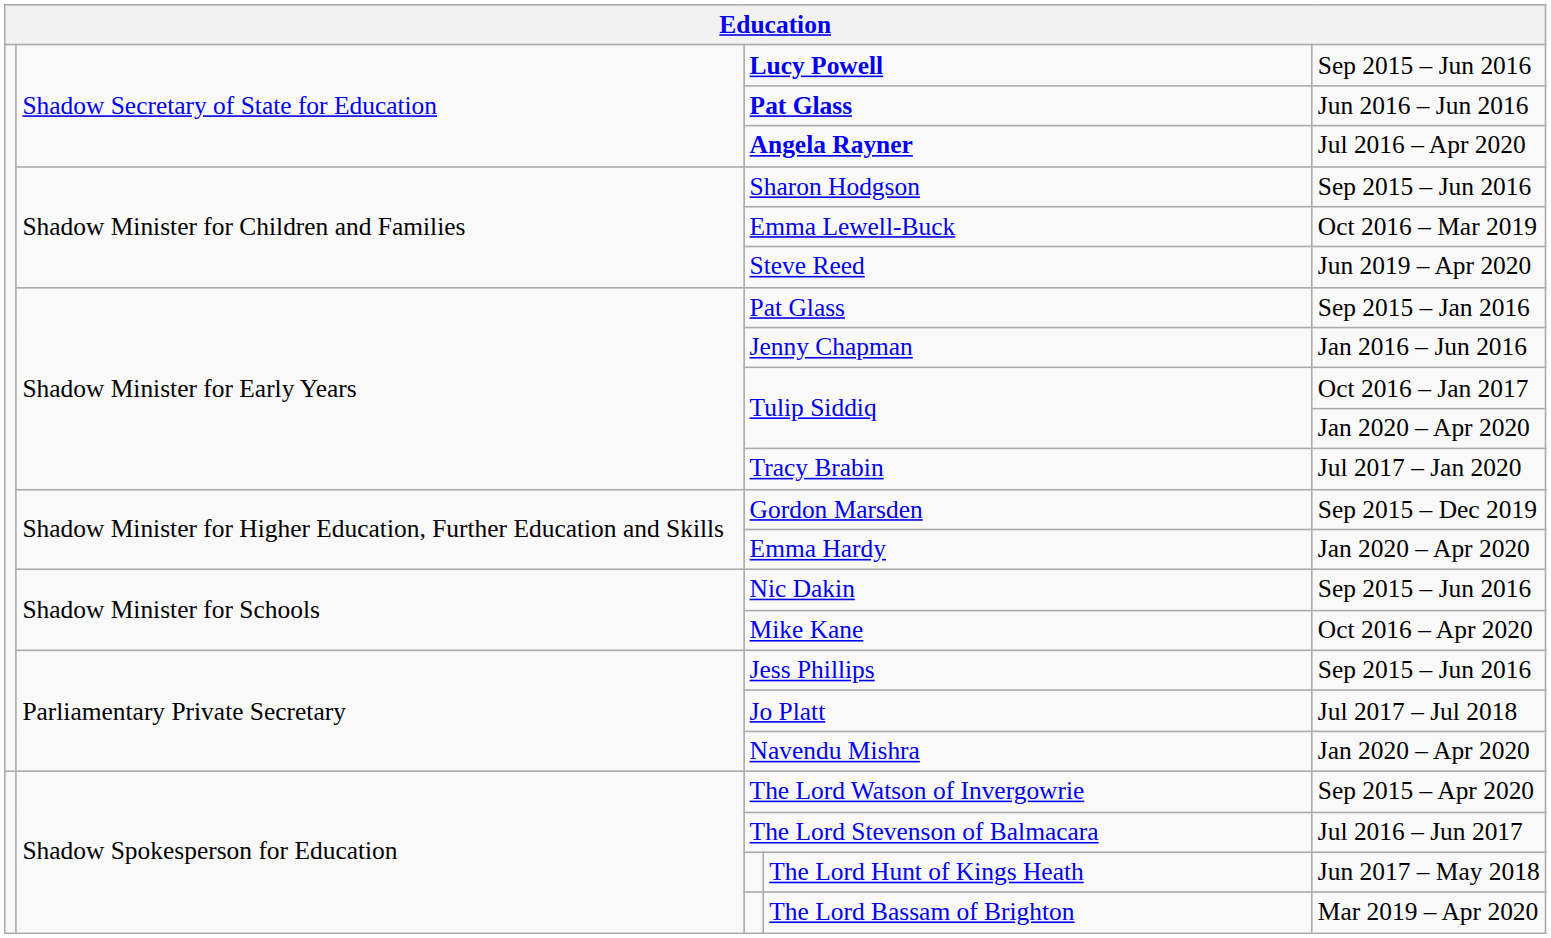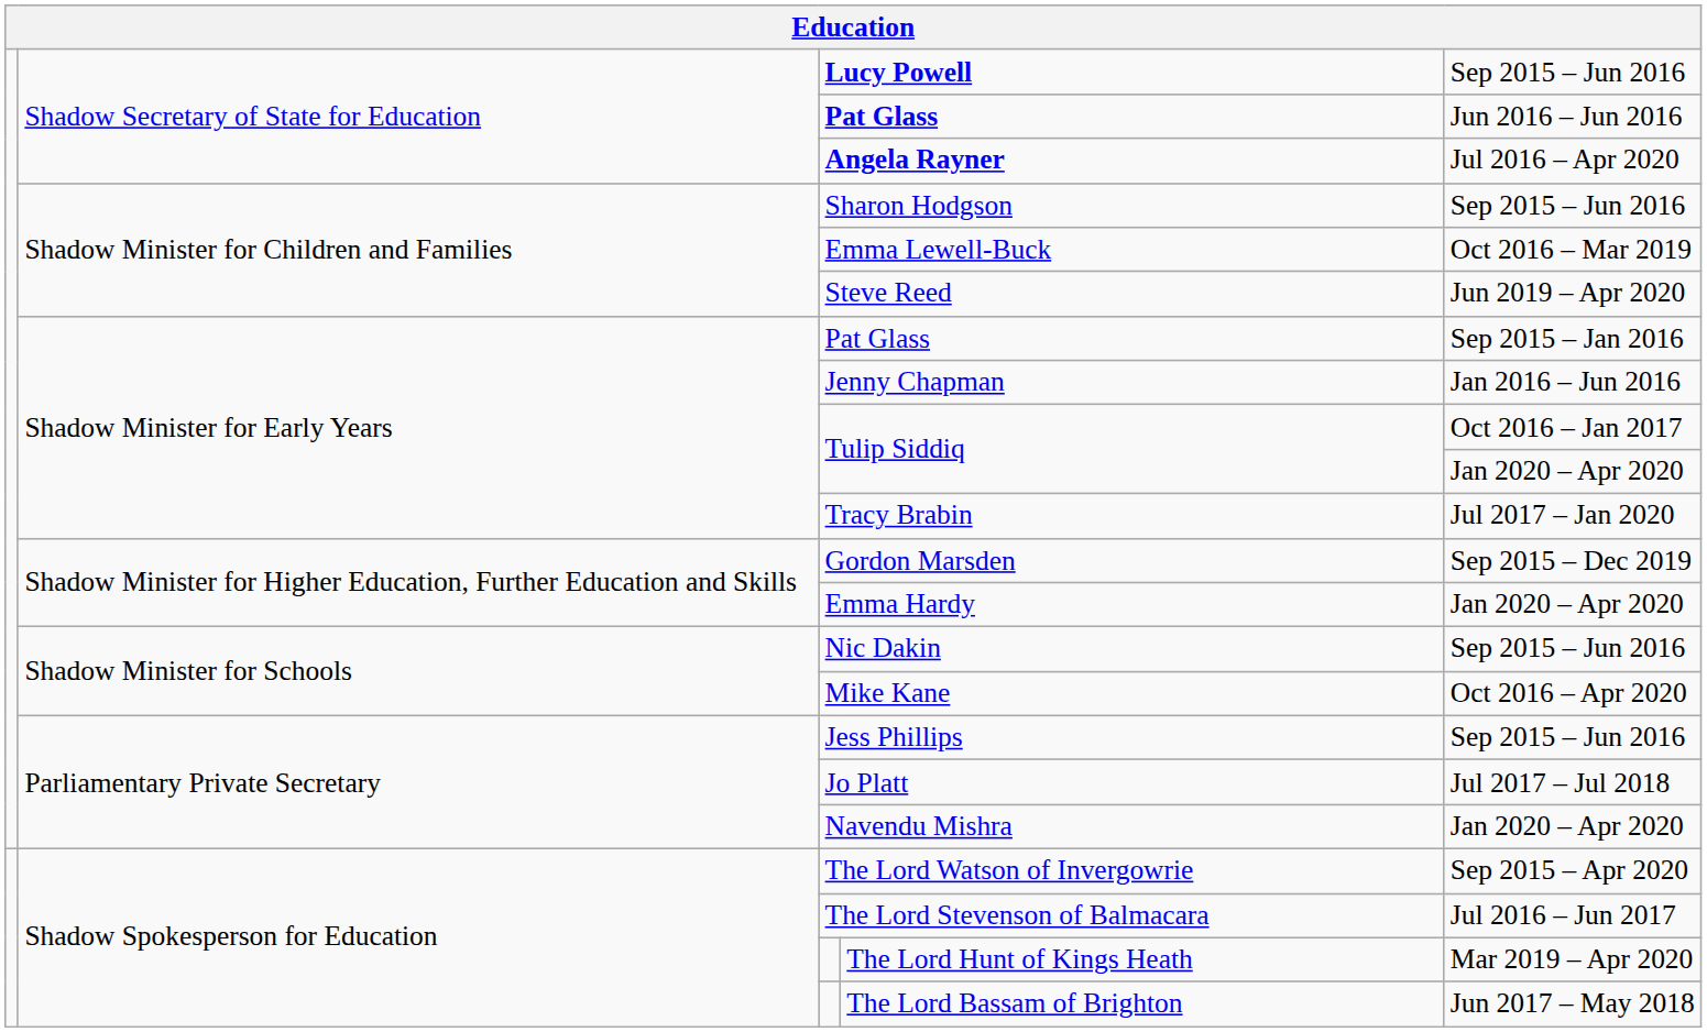 <table class="wikitable">
 <tr>
 <th colspan="5"><a href='#'>Education</a></th>
 </tr>
 <tr>
 <td rowspan="18" style="background: "></td>
 <td rowspan="3" style="width: 450px;"><a href='#'>Shadow Secretary of State for Education</a></td>
 <td colspan="2" style="width: 350px;"><strong><a href='#'>Lucy Powell</a></strong></td>
 <td>Sep 2015 – Jun 2016</td>
 </tr>
 <tr>
 <td colspan="2"><strong><a href='#'>Pat Glass</a></strong></td>
 <td>Jun 2016 – Jun 2016</td>
 </tr>
 <tr>
 <td colspan="2"><strong><a href='#'>Angela Rayner</a></strong></td>
 <td>Jul 2016 – Apr 2020</td>
 </tr>
 <tr>
 <td rowspan="3">Shadow Minister for Children and Families</td>
 <td colspan="2"><a href='#'>Sharon Hodgson</a></td>
 <td>Sep 2015 – Jun 2016</td>
 </tr>
 <tr>
 <td colspan="2"><a href='#'>Emma Lewell-Buck</a></td>
 <td>Oct 2016 – Mar 2019</td>
 </tr>
 <tr>
 <td colspan="2"><a href='#'>Steve Reed</a></td>
 <td>Jun 2019 – Apr 2020</td>
 </tr>
 <tr>
 <td rowspan="5">Shadow Minister for Early Years</td>
 <td colspan="2"><a href='#'>Pat Glass</a></td>
 <td>Sep 2015 – Jan 2016</td>
 </tr>
 <tr>
 <td colspan="2"><a href='#'>Jenny Chapman</a></td>
 <td>Jan 2016 – Jun 2016</td>
 </tr>
 <tr>
 <td colspan="2" rowspan="2"><a href='#'>Tulip Siddiq</a></td>
 <td>Oct 2016 – Jan 2017</td>
 </tr>
 <tr>
 <td>Jan 2020 – Apr 2020</td>
 </tr>
 <tr>
 <td colspan="2"><a href='#'>Tracy Brabin</a></td>
 <td>Jul 2017 – Jan 2020</td>
 </tr>
 <tr>
 <td rowspan="2">Shadow Minister for Higher Education, Further Education and Skills</td>
 <td colspan="2"><a href='#'>Gordon Marsden</a></td>
 <td>Sep 2015 – Dec 2019</td>
 </tr>
 <tr>
 <td colspan="2"><a href='#'>Emma Hardy</a></td>
 <td>Jan 2020 – Apr 2020</td>
 </tr>
 <tr>
 <td rowspan="2">Shadow Minister for Schools</td>
 <td colspan="2"><a href='#'>Nic Dakin</a></td>
 <td>Sep 2015 – Jun 2016</td>
 </tr>
 <tr>
 <td colspan="2"><a href='#'>Mike Kane</a></td>
 <td>Oct 2016 – Apr 2020</td>
 </tr>
 <tr>
 <td rowspan="3">Parliamentary Private Secretary</td>
 <td colspan="2"><a href='#'>Jess Phillips</a></td>
 <td>Sep 2015 – Jun 2016</td>
 </tr>
 <tr>
 <td colspan="2"><a href='#'>Jo Platt</a></td>
 <td>Jul 2017 – Jul 2018</td>
 </tr>
 <tr>
 <td colspan="2"><a href='#'>Navendu Mishra</a></td>
 <td>Jan 2020 – Apr 2020</td>
 </tr>
 <tr>
 <td rowspan="4" style="background: "></td>
 <td rowspan="4">Shadow Spokesperson for Education</td>
 <td colspan="2"><a href='#'>The Lord Watson of Invergowrie</a></td>
 <td>Sep 2015 – Apr 2020</td>
 </tr>
 <tr>
 <td colspan="2"><a href='#'>The Lord Stevenson of Balmacara</a></td>
 <td>Jul 2016 – Jun 2017</td>
 </tr>
 <tr>
 <td style="background: "></td>
 <td><a href='#'>The Lord Hunt of Kings Heath</a></td>
-<td>Jun 2017 – May 2018</td>
+<td>Mar 2019 – Apr 2020</td>
 </tr>
 <tr>
 <td style="background: "></td>
 <td><a href='#'>The Lord Bassam of Brighton</a></td>
-<td>Mar 2019 – Apr 2020</td>
+<td>Jun 2017 – May 2018</td>
 </tr>
 </table>
